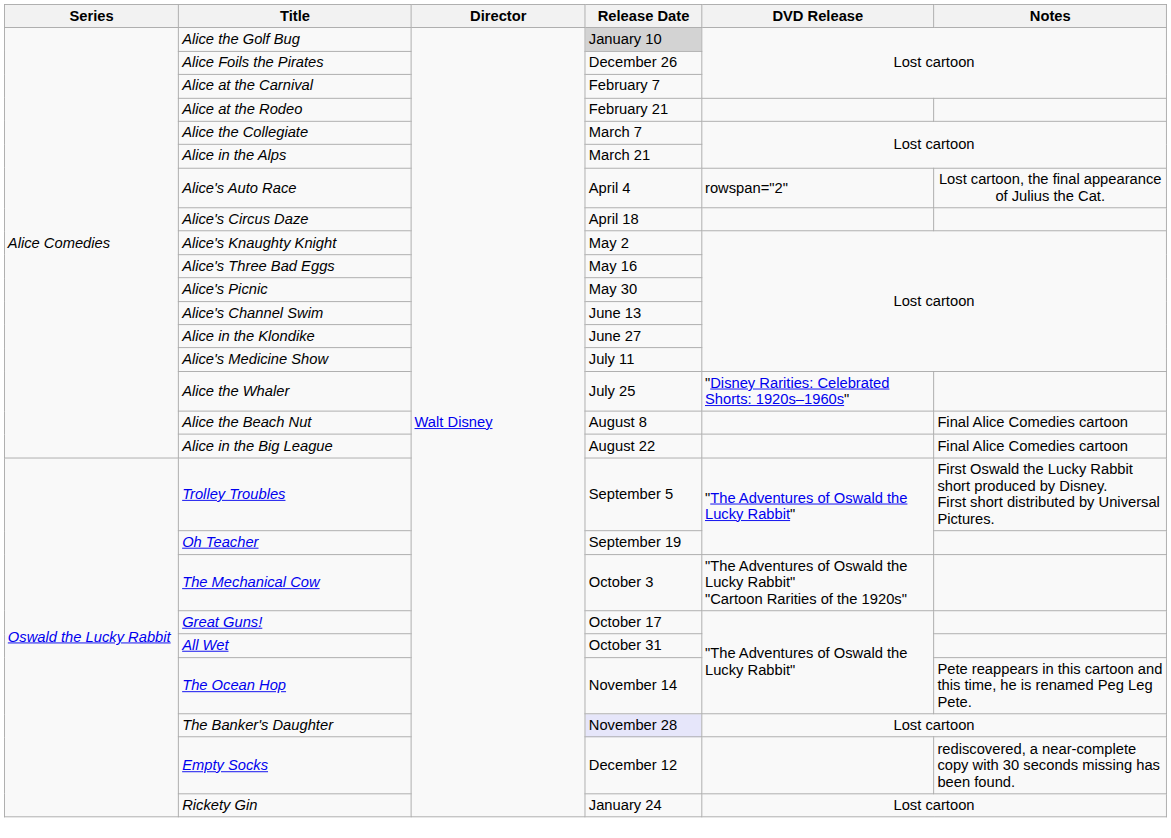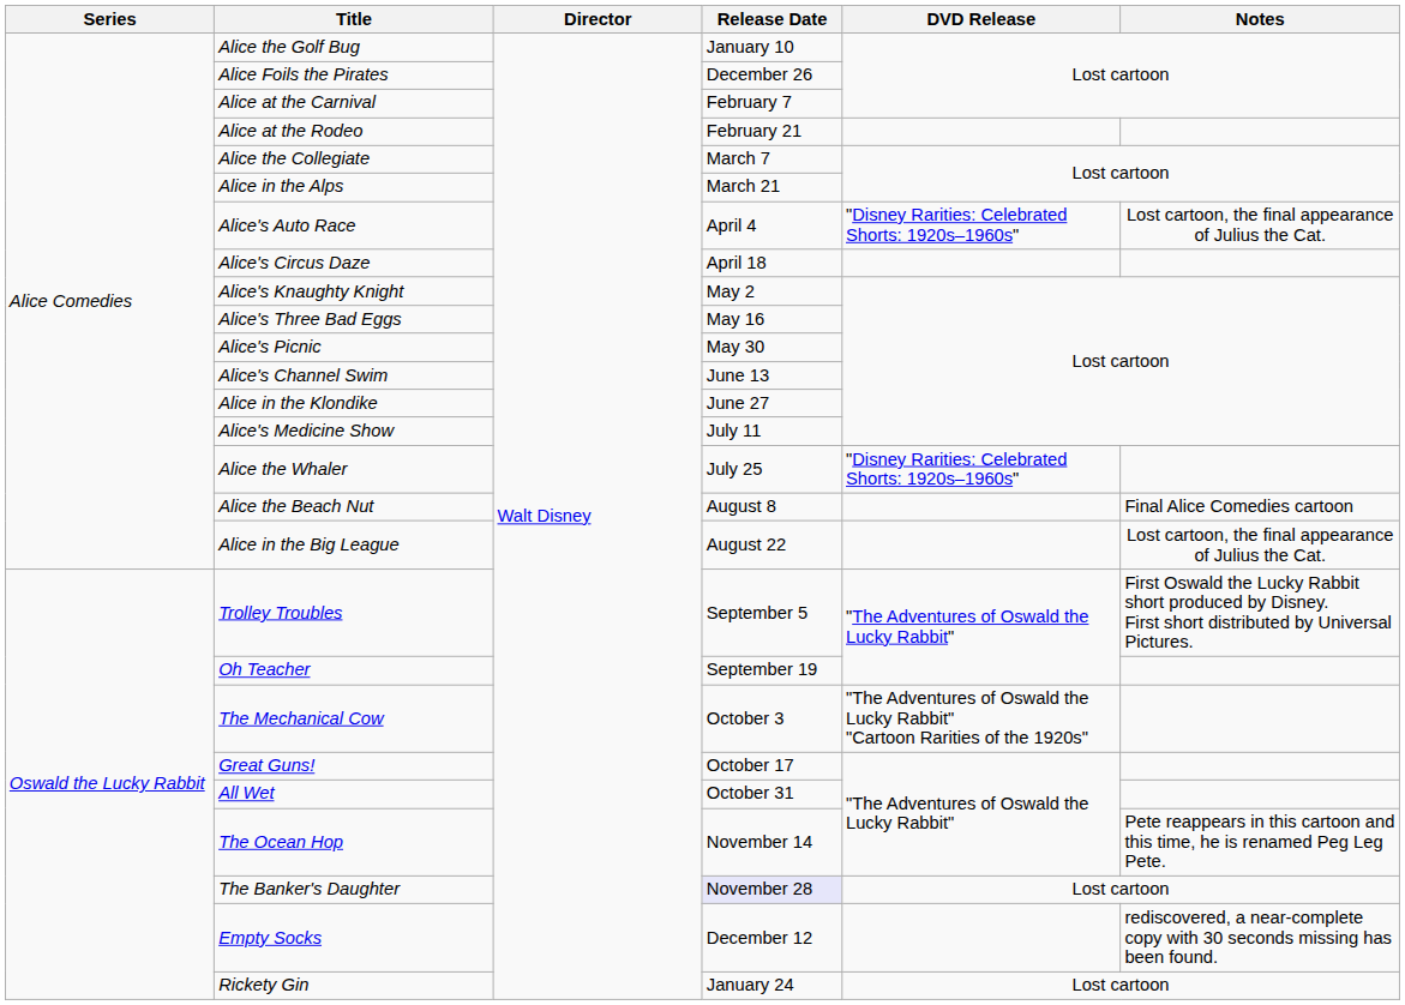 <table class="wikitable" style="width:100%;">
 <tr>
 <th style="width:15%;">Series</th>
 <th style="width:20%;">Title</th>
 <th style="width:15%;">Director</th>
 <th style="width:10%;">Release Date</th>
 <th style="width:20%;">DVD Release</th>
 <th style="width:20%;">Notes</th>
 </tr>
 <tr>
 <td rowspan="17"><em>Alice Comedies</em></td>
 <td><em>Alice the Golf Bug</em></td>
 <td rowspan="26"><a href='#'>Walt Disney</a></td>
-<td style="background: lightgrey;">January 10</td>
+<td>January 10</td>
 <td rowspan="3" colspan="2" style="text-align: center;">Lost cartoon</td>
 </tr>
 <tr>
 <td><em>Alice Foils the Pirates</em></td>
 <td>December 26</td>
 </tr>
 <tr>
 <td><em>Alice at the Carnival</em></td>
 <td>February 7</td>
 </tr>
 <tr>
 <td><em>Alice at the Rodeo</em></td>
 <td>February 21</td>
 <td></td>
 <td></td>
 </tr>
 <tr>
 <td><em>Alice the Collegiate</em></td>
 <td>March 7</td>
 <td rowspan="2" colspan="2" style="text-align: center;">Lost cartoon</td>
 </tr>
 <tr>
 <td><em>Alice in the Alps</em></td>
 <td>March 21</td>
 </tr>
 <tr>
 <td><em>Alice's Auto Race</em></td>
 <td>April 4</td>
-<td>rowspan="2" </td>
+<td>"<a href='#'>Disney Rarities: Celebrated Shorts: 1920s–1960s</a>"</td>
 <td style="text-align: center;">Lost cartoon, the final appearance of Julius the Cat.</td>
 </tr>
 <tr>
 <td><em>Alice's Circus Daze</em></td>
 <td>April 18</td>
 <td></td>
 </tr>
 <tr>
 <td><em>Alice's Knaughty Knight</em></td>
 <td>May 2</td>
 <td rowspan="6" colspan="2" style="text-align: center;">Lost cartoon</td>
 </tr>
 <tr>
 <td><em>Alice's Three Bad Eggs</em></td>
 <td>May 16</td>
 </tr>
 <tr>
 <td><em>Alice's Picnic</em></td>
 <td>May 30</td>
 </tr>
 <tr>
 <td><em>Alice's Channel Swim</em></td>
 <td>June 13</td>
 </tr>
 <tr>
 <td><em>Alice in the Klondike</em></td>
 <td>June 27</td>
 </tr>
 <tr>
 <td><em>Alice's Medicine Show</em></td>
 <td>July 11</td>
 </tr>
 <tr>
 <td><em>Alice the Whaler</em></td>
 <td>July 25</td>
 <td>"<a href='#'>Disney Rarities: Celebrated Shorts: 1920s–1960s</a>"</td>
 <td></td>
 </tr>
 <tr>
 <td><em>Alice the Beach Nut</em></td>
 <td>August 8</td>
 <td></td>
 <td>Final Alice Comedies cartoon</td>
 </tr>
 <tr>
 <td><em>Alice in the Big League</em></td>
 <td>August 22</td>
 <td></td>
-<td>Final Alice Comedies cartoon</td>
+<td style="text-align: center;">Lost cartoon, the final appearance of Julius the Cat.</td>
 </tr>
 <tr>
 <td rowspan="9"><em><a href='#'>Oswald the Lucky Rabbit</a></em></td>
 <td><em><a href='#'>Trolley Troubles</a></em></td>
 <td>September 5</td>
 <td rowspan="2">"<a href='#'>The Adventures of Oswald the Lucky Rabbit</a>"</td>
 <td>First Oswald the Lucky Rabbit short produced by Disney. <br>First short distributed by Universal Pictures.</td>
 </tr>
 <tr>
 <td><em><a href='#'>Oh Teacher</a></em></td>
 <td>September 19</td>
 <td></td>
 </tr>
 <tr>
 <td><em><a href='#'>The Mechanical Cow</a></em></td>
 <td>October 3</td>
 <td>"The Adventures of Oswald the Lucky Rabbit" <br>"Cartoon Rarities of the 1920s"</td>
 <td></td>
 </tr>
 <tr>
 <td><em><a href='#'>Great Guns!</a></em></td>
 <td>October 17</td>
 <td rowspan="3">"The Adventures of Oswald the Lucky Rabbit"</td>
 <td></td>
 </tr>
 <tr>
 <td><em><a href='#'>All Wet</a></em></td>
 <td>October 31</td>
 <td></td>
 </tr>
 <tr>
 <td><em><a href='#'>The Ocean Hop</a></em></td>
 <td>November 14</td>
 <td>Pete reappears in this cartoon and this time, he is renamed Peg Leg Pete.</td>
 </tr>
 <tr>
 <td><em>The Banker's Daughter</em></td>
 <td style="background: lavender;">November 28</td>
 <td colspan="2" style="text-align: center;">Lost cartoon</td>
 </tr>
 <tr>
 <td><em><a href='#'>Empty Socks</a></em></td>
 <td>December 12</td>
 <td></td>
 <td>rediscovered, a near-complete copy with 30 seconds missing has been found.</td>
 </tr>
 <tr>
 <td><em>Rickety Gin</em></td>
 <td>January 24</td>
 <td colspan="2" style="text-align: center;">Lost cartoon</td>
 </tr>
 </table>
